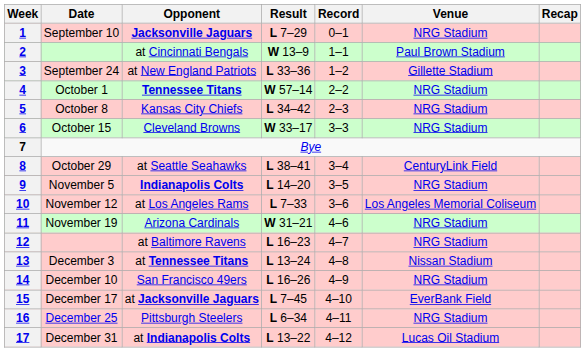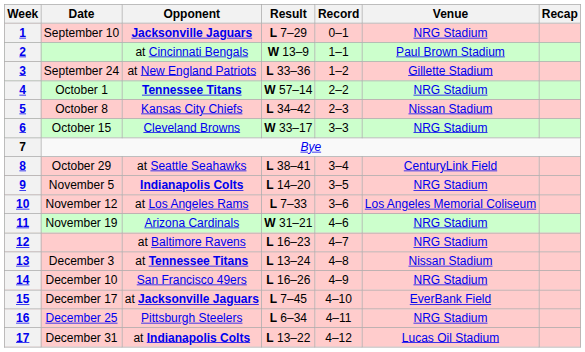 <table class="wikitable" style="text-align:center">
 <tr>
 <th>Week</th>
 <th>Date</th>
 <th>Opponent</th>
 <th>Result</th>
 <th>Record</th>
 <th>Venue</th>
 <th>Recap</th>
 </tr>
 <tr style="background:#fcc">
 <th><a href='#'>1</a></th>
 <td>September 10</td>
 <td><strong><a href='#'>Jacksonville Jaguars</a></strong></td>
 <td><strong>L</strong> 7–29</td>
 <td>0–1</td>
 <td><a href='#'>NRG Stadium</a></td>
 <td></td>
 </tr>
 <tr style="background:#cfc">
 <th><a href='#'>2</a></th>
 <td></td>
 <td>at <a href='#'>Cincinnati Bengals</a></td>
 <td><strong>W</strong> 13–9</td>
 <td>1–1</td>
 <td><a href='#'>Paul Brown Stadium</a></td>
 <td></td>
 </tr>
 <tr style="background:#fcc">
 <th><a href='#'>3</a></th>
 <td>September 24</td>
 <td>at <a href='#'>New England Patriots</a></td>
 <td><strong>L</strong> 33–36</td>
 <td>1–2</td>
 <td><a href='#'>Gillette Stadium</a></td>
 <td></td>
 </tr>
 <tr style="background:#cfc">
 <th><a href='#'>4</a></th>
 <td>October 1</td>
 <td><strong><a href='#'>Tennessee Titans</a></strong></td>
 <td><strong>W</strong> 57–14</td>
 <td>2–2</td>
 <td><a href='#'>NRG Stadium</a></td>
 <td></td>
 </tr>
 <tr style="background:#fcc">
 <th><a href='#'>5</a></th>
 <td>October 8</td>
 <td><a href='#'>Kansas City Chiefs</a></td>
 <td><strong>L</strong> 34–42</td>
 <td>2–3</td>
-<td><a href='#'>NRG Stadium</a></td>
+<td><a href='#'>Nissan Stadium</a></td>
 <td></td>
 </tr>
 <tr style="background:#cfc">
 <th><a href='#'>6</a></th>
 <td>October 15</td>
 <td><a href='#'>Cleveland Browns</a></td>
 <td><strong>W</strong> 33–17</td>
 <td>3–3</td>
 <td><a href='#'>NRG Stadium</a></td>
 <td></td>
 </tr>
 <tr>
 <th>7</th>
 <td colspan="6"><em><a href='#'>Bye</a></em></td>
 </tr>
 <tr style="background:#fcc">
 <th><a href='#'>8</a></th>
 <td>October 29</td>
 <td>at <a href='#'>Seattle Seahawks</a></td>
 <td><strong>L</strong> 38–41</td>
 <td>3–4</td>
 <td><a href='#'>CenturyLink Field</a></td>
 <td></td>
 </tr>
 <tr style="background:#fcc">
 <th><a href='#'>9</a></th>
 <td>November 5</td>
 <td><strong><a href='#'>Indianapolis Colts</a></strong></td>
 <td><strong>L</strong> 14–20</td>
 <td>3–5</td>
 <td><a href='#'>NRG Stadium</a></td>
 <td></td>
 </tr>
 <tr style="background:#fcc">
 <th><a href='#'>10</a></th>
 <td>November 12</td>
 <td>at <a href='#'>Los Angeles Rams</a></td>
 <td><strong>L</strong> 7–33</td>
 <td>3–6</td>
 <td><a href='#'>Los Angeles Memorial Coliseum</a></td>
 <td></td>
 </tr>
 <tr style="background:#cfc">
 <th><a href='#'>11</a></th>
 <td>November 19</td>
 <td><a href='#'>Arizona Cardinals</a></td>
 <td><strong>W</strong> 31–21</td>
 <td>4–6</td>
 <td><a href='#'>NRG Stadium</a></td>
 <td></td>
 </tr>
 <tr style="background:#fcc">
 <th><a href='#'>12</a></th>
 <td></td>
 <td>at <a href='#'>Baltimore Ravens</a></td>
 <td><strong>L</strong> 16–23</td>
 <td>4–7</td>
 <td><a href='#'>NRG Stadium</a></td>
 <td></td>
 </tr>
 <tr style="background:#fcc">
 <th><a href='#'>13</a></th>
 <td>December 3</td>
 <td>at <strong><a href='#'>Tennessee Titans</a></strong></td>
 <td><strong>L</strong> 13–24</td>
 <td>4–8</td>
 <td><a href='#'>Nissan Stadium</a></td>
 <td></td>
 </tr>
 <tr style="background:#fcc">
 <th><a href='#'>14</a></th>
 <td>December 10</td>
 <td><a href='#'>San Francisco 49ers</a></td>
 <td><strong>L</strong> 16–26</td>
 <td>4–9</td>
 <td><a href='#'>NRG Stadium</a></td>
 <td></td>
 </tr>
 <tr style="background:#fcc">
 <th><a href='#'>15</a></th>
 <td>December 17</td>
 <td>at <strong><a href='#'>Jacksonville Jaguars</a></strong></td>
 <td><strong>L</strong> 7–45</td>
 <td>4–10</td>
 <td><a href='#'>EverBank Field</a></td>
 <td></td>
 </tr>
 <tr style="background:#fcc">
 <th><a href='#'>16</a></th>
 <td><a href='#'>December 25</a></td>
 <td><a href='#'>Pittsburgh Steelers</a></td>
 <td><strong>L</strong> 6–34</td>
 <td>4–11</td>
 <td><a href='#'>NRG Stadium</a></td>
 <td></td>
 </tr>
 <tr style="background:#fcc">
 <th><a href='#'>17</a></th>
 <td>December 31</td>
 <td>at <strong><a href='#'>Indianapolis Colts</a></strong></td>
 <td><strong>L</strong> 13–22</td>
 <td>4–12</td>
 <td><a href='#'>Lucas Oil Stadium</a></td>
 <td></td>
 </tr>
 </table>
